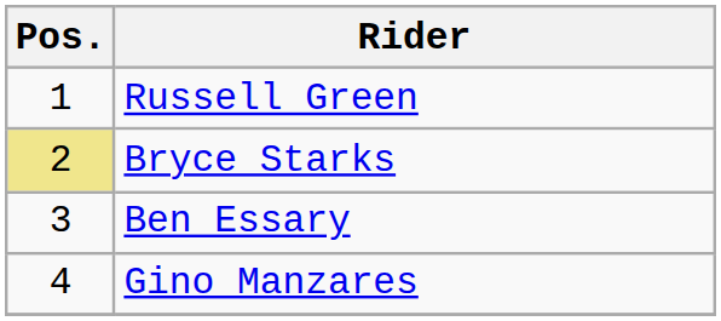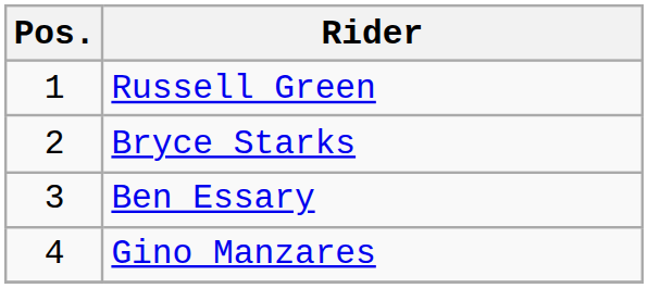 <table class=wikitable>
 <tr>
 <th width=25px>Pos.</th>
 <th width=200px>Rider</th>
 </tr>
 <tr align=center >
 <td>1</td>
 <td align=left> <a href='#'>Russell Green</a></td>
 </tr>
 <tr align=center >
-<td style="background: khaki;">2</td>
+<td>2</td>
 <td align=left> <a href='#'>Bryce Starks</a></td>
 </tr>
 <tr align=center>
 <td>3</td>
 <td align=left> <a href='#'>Ben Essary</a></td>
 </tr>
 <tr align=center>
 <td>4</td>
 <td align=left> <a href='#'>Gino Manzares</a></td>
 </tr>
 <tr align=center>
 </tr>
 </table>
